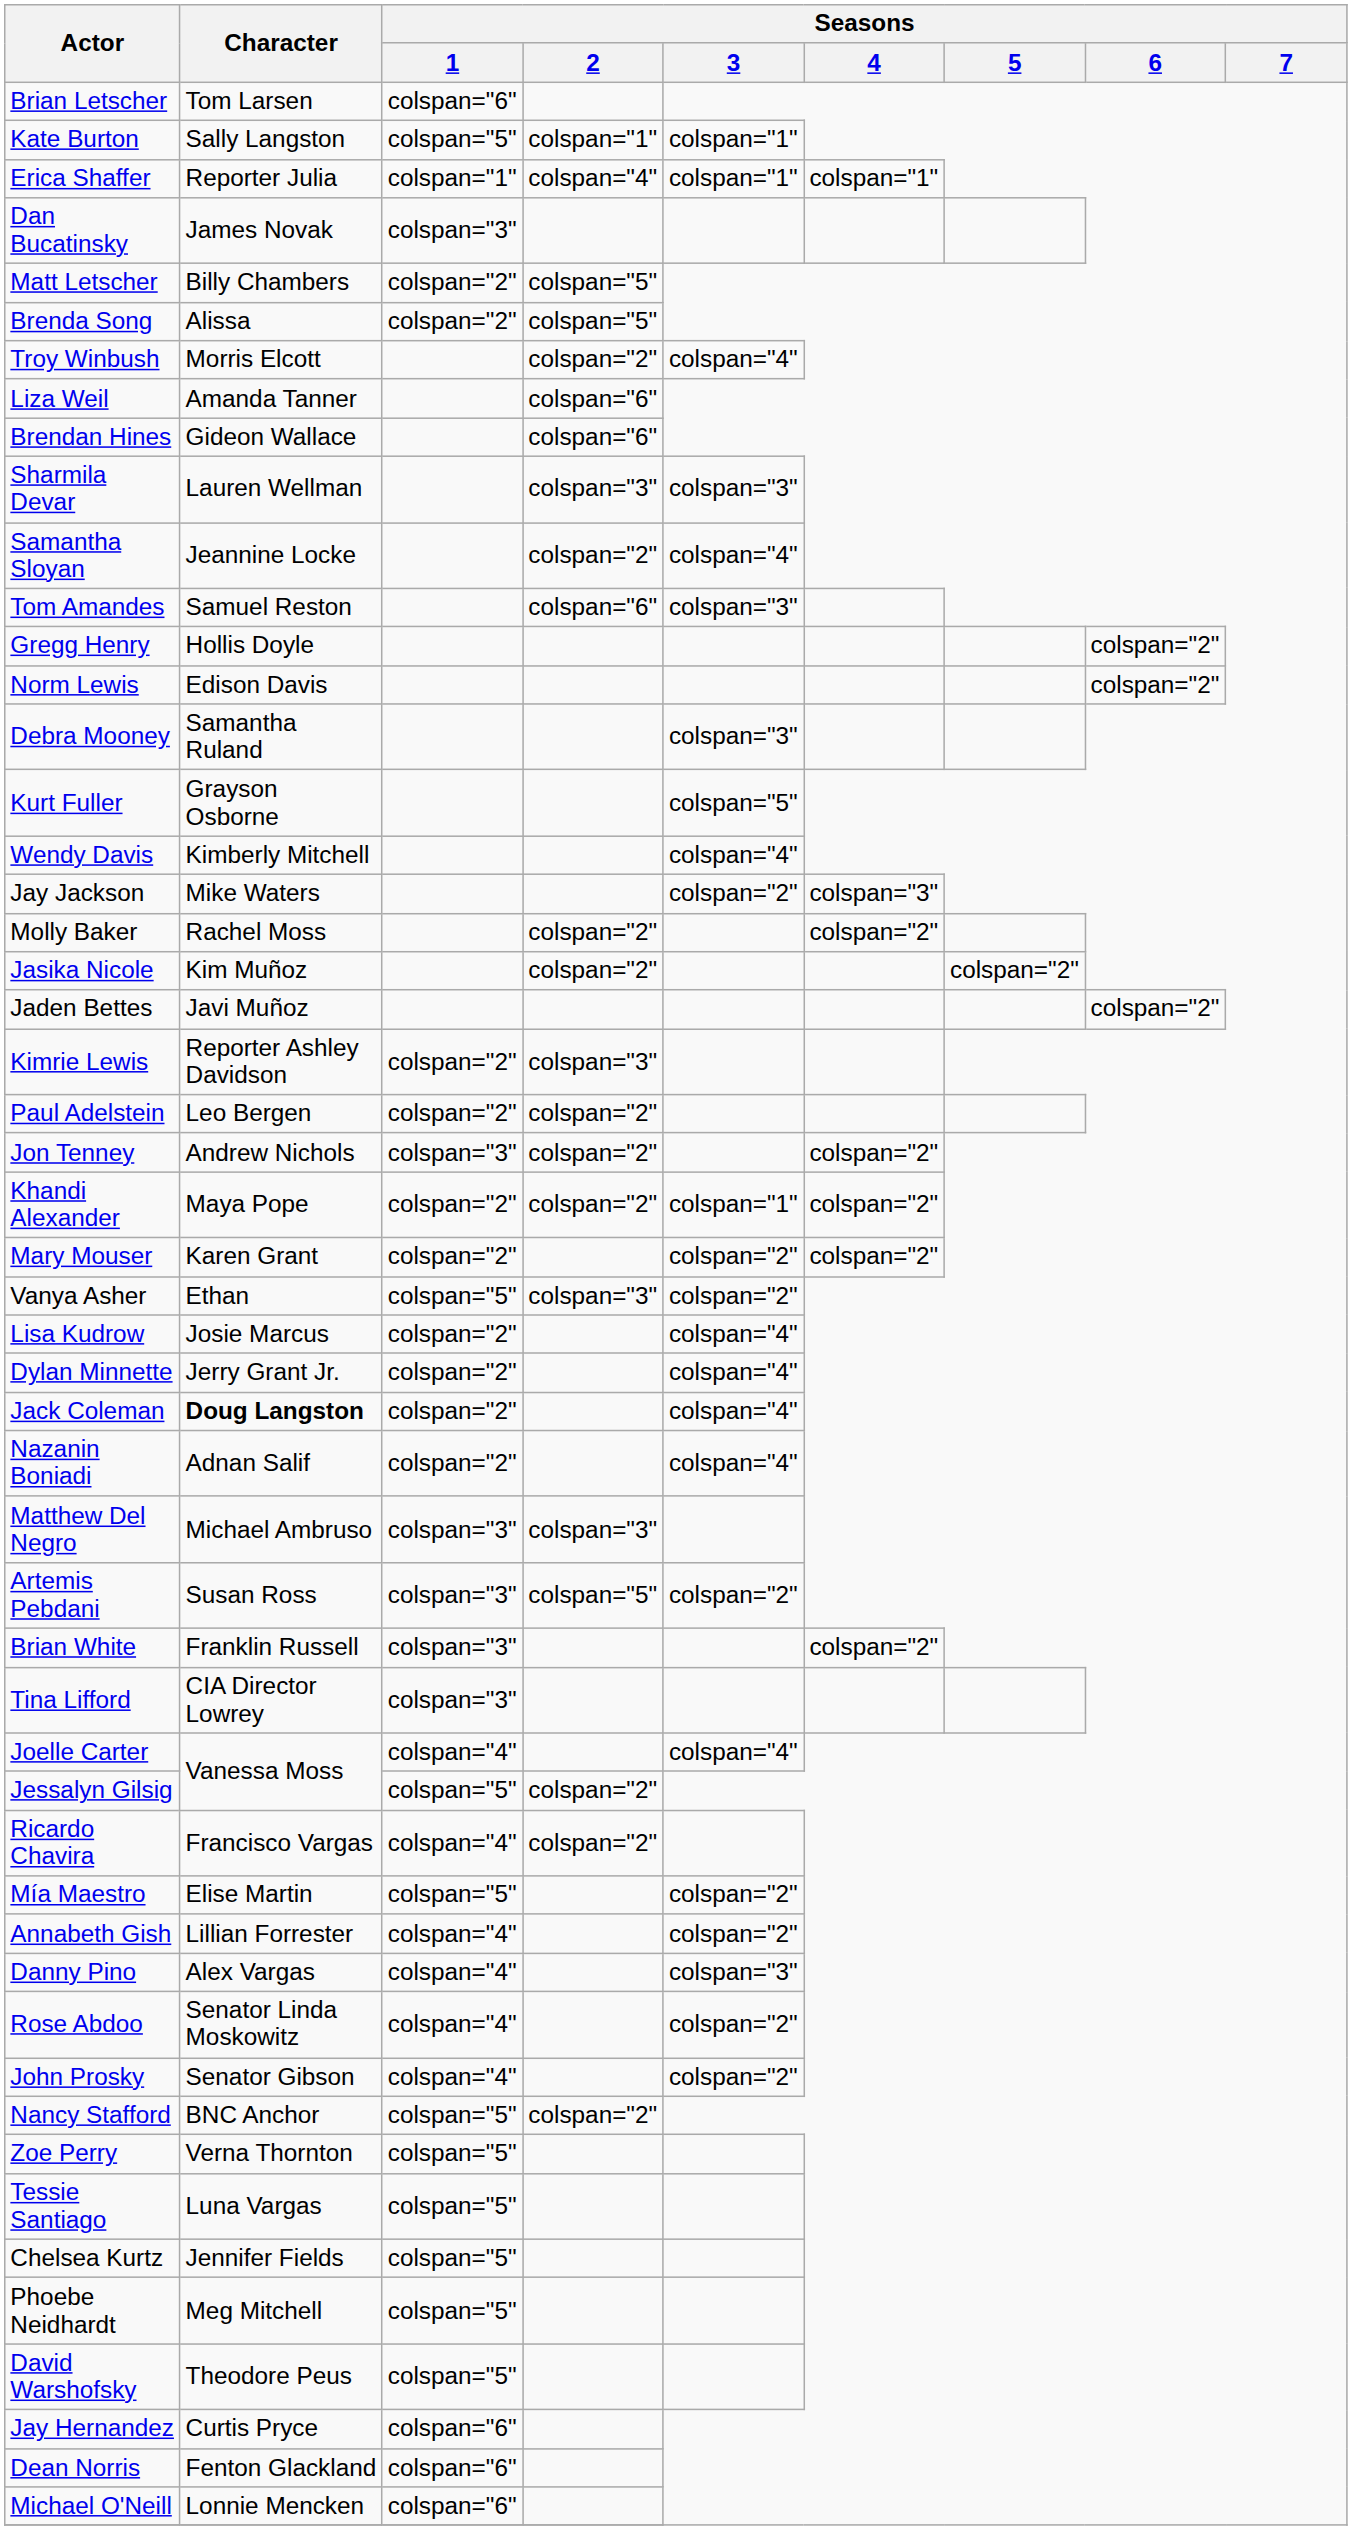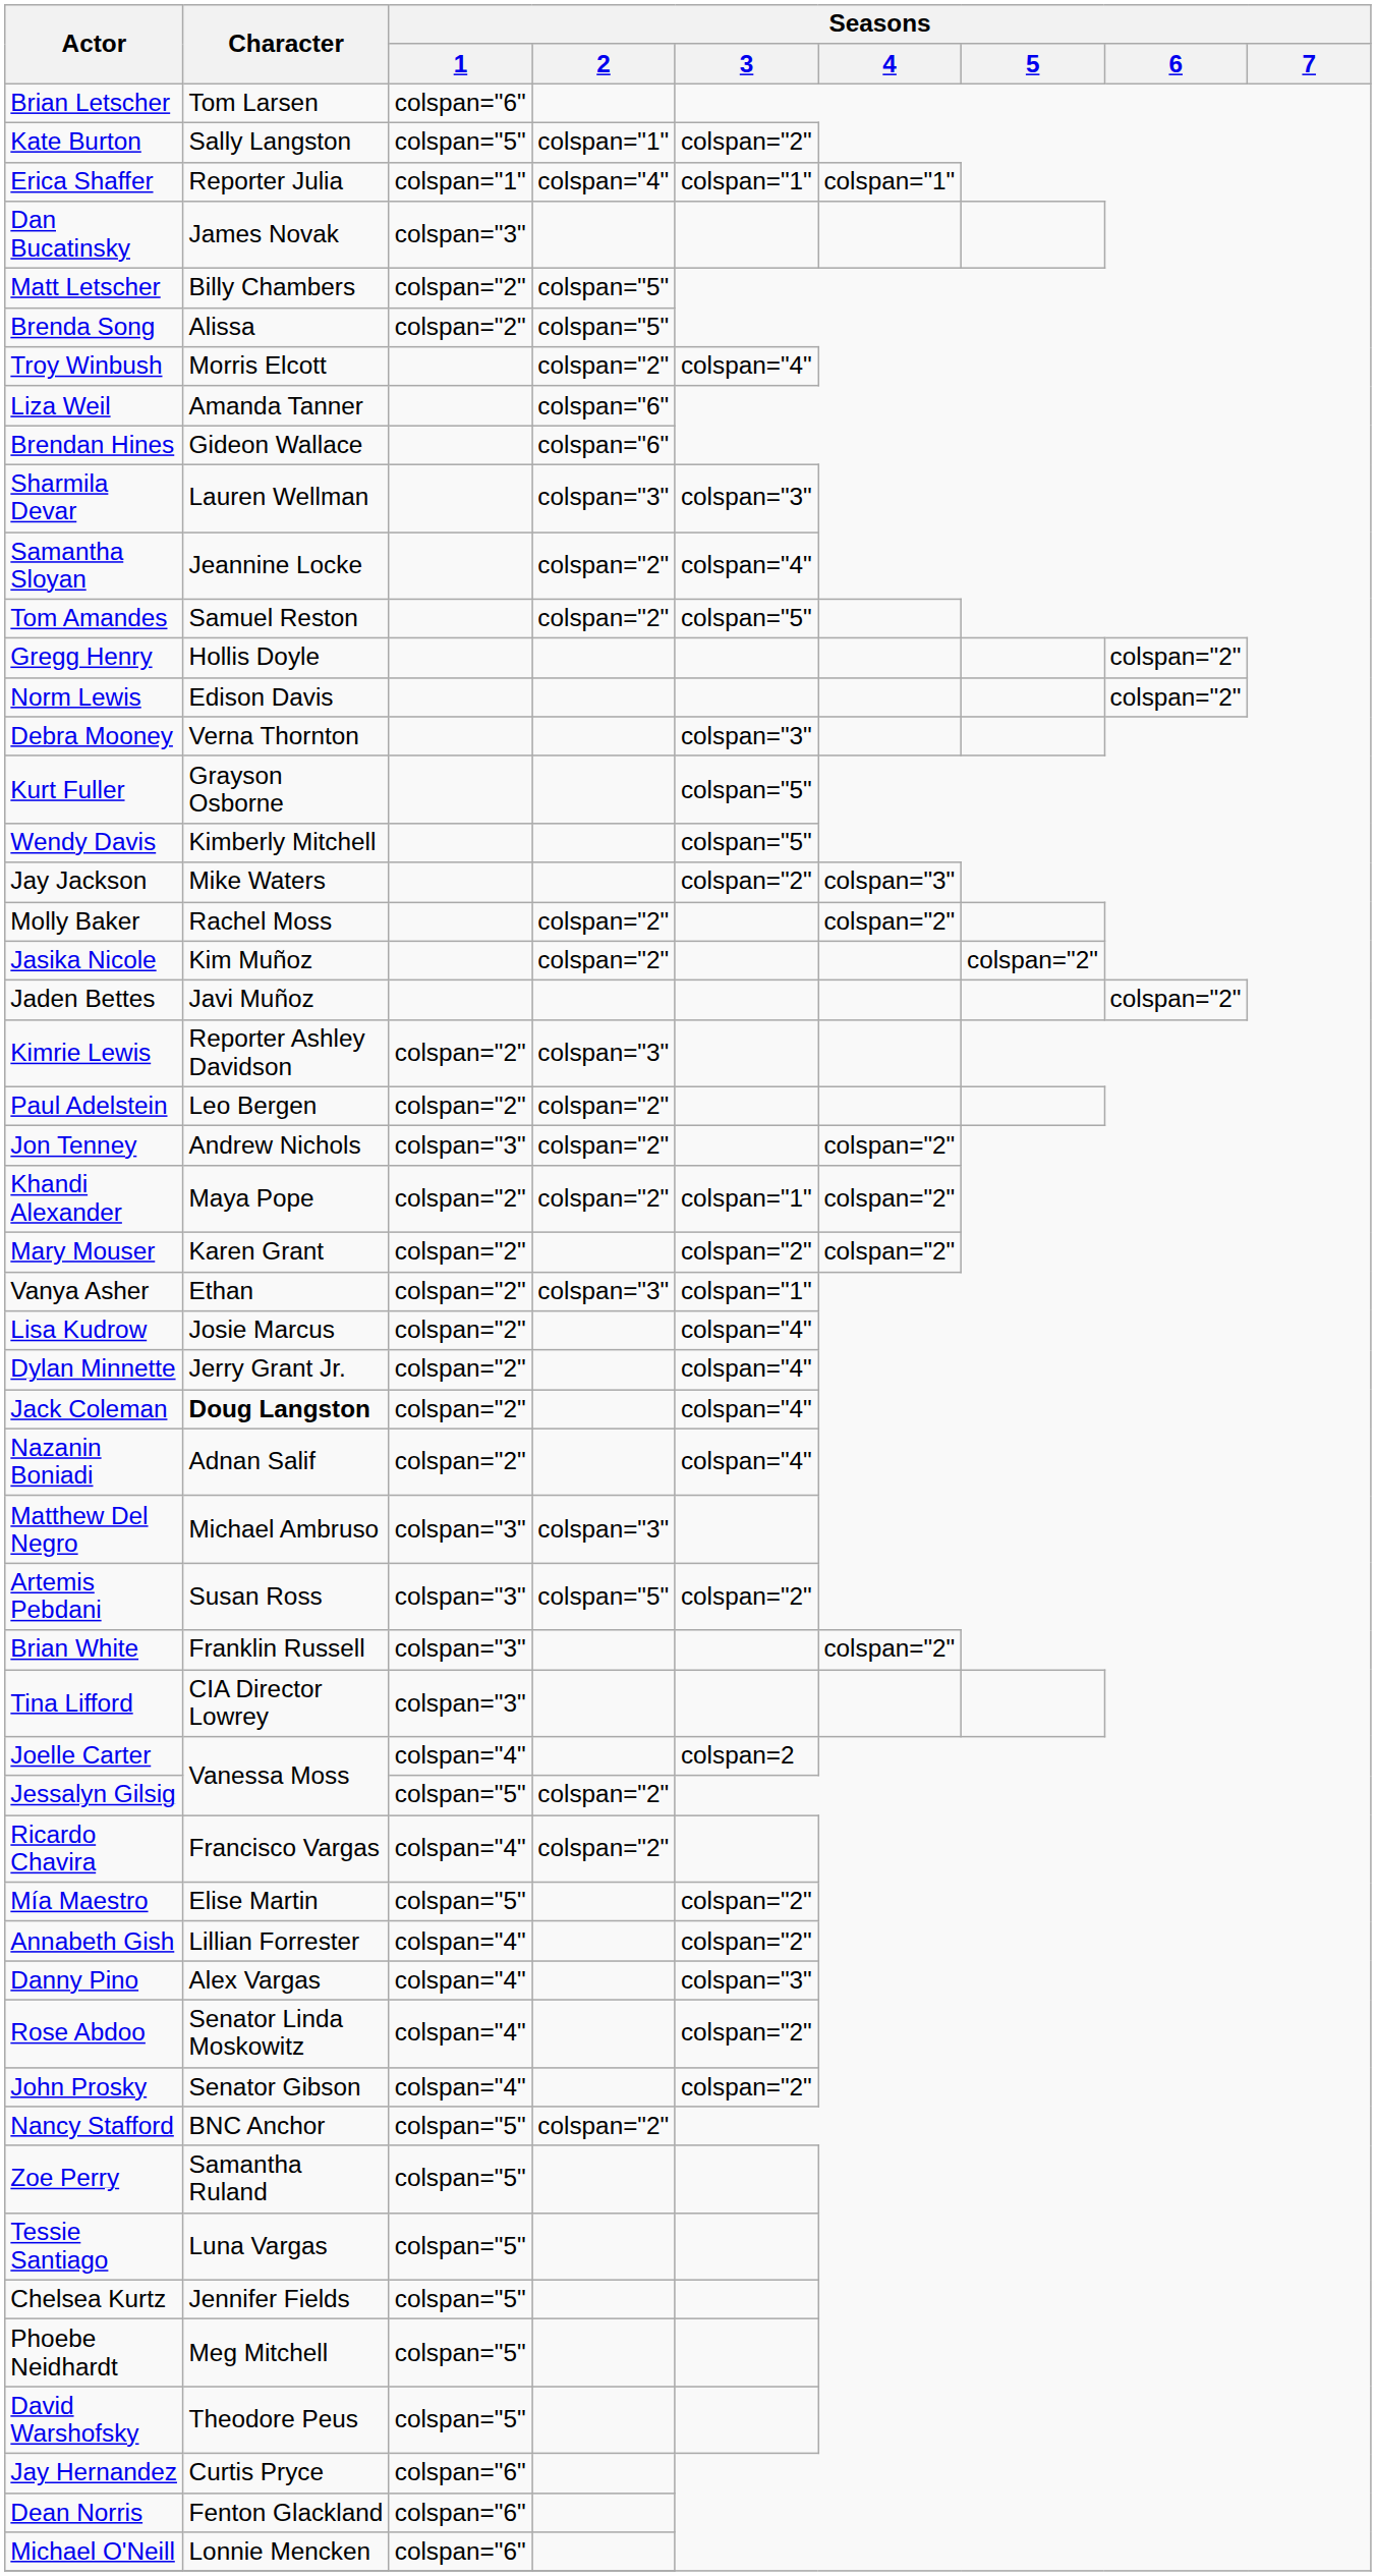 <table class="wikitable mw-collapsible" width="100%">
 <tr>
 <th rowspan="2" width="13%">Actor</th>
 <th rowspan="2" width="15%">Character</th>
 <th colspan="7">Seasons</th>
 </tr>
 <tr>
 <th width="9%" scope="col"><a href='#'>1</a></th>
 <th width="9%" scope="col"><a href='#'>2</a></th>
 <th width="9%" scope="col"><a href='#'>3</a></th>
 <th width="9%" scope="col"><a href='#'>4</a></th>
 <th width="9%" scope="col"><a href='#'>5</a></th>
 <th width="9%" scope="col"><a href='#'>6</a></th>
 <th width="9%" scope="col"><a href='#'>7</a></th>
 </tr>
 <tr>
 <td><a href='#'>Brian Letscher</a></td>
 <td>Tom Larsen</td>
 <td>colspan="6" </td>
 <td></td>
 </tr>
 <tr>
 <td><a href='#'>Kate Burton</a></td>
 <td>Sally Langston</td>
 <td>colspan="5" </td>
 <td>colspan="1" </td>
-<td>colspan="1" </td>
+<td>colspan="2" </td>
 </tr>
 <tr>
 <td><a href='#'>Erica Shaffer </a></td>
 <td>Reporter Julia</td>
 <td>colspan="1" </td>
 <td>colspan="4" </td>
 <td>colspan="1" </td>
 <td>colspan="1" </td>
 </tr>
 <tr>
 <td><a href='#'>Dan Bucatinsky</a></td>
 <td>James Novak</td>
 <td>colspan="3" </td>
 <td></td>
 <td></td>
 <td></td>
 <td></td>
 </tr>
 <tr>
 <td><a href='#'>Matt Letscher</a></td>
 <td>Billy Chambers</td>
 <td>colspan="2" </td>
 <td>colspan="5" </td>
 </tr>
 <tr>
 <td><a href='#'>Brenda Song</a></td>
 <td>Alissa</td>
 <td>colspan="2" </td>
 <td>colspan="5" </td>
 </tr>
 <tr>
 <td><a href='#'>Troy Winbush</a></td>
 <td>Morris Elcott</td>
 <td></td>
 <td>colspan="2"  </td>
 <td>colspan="4" </td>
 </tr>
 <tr>
 <td><a href='#'>Liza Weil</a></td>
 <td>Amanda Tanner</td>
 <td></td>
 <td>colspan="6" </td>
 </tr>
 <tr>
 <td><a href='#'>Brendan Hines</a></td>
 <td>Gideon Wallace</td>
 <td></td>
 <td>colspan="6" </td>
 </tr>
 <tr>
 <td><a href='#'>Sharmila Devar</a></td>
 <td>Lauren Wellman</td>
 <td></td>
 <td>colspan="3" </td>
 <td>colspan="3" </td>
 </tr>
 <tr>
 <td><a href='#'>Samantha Sloyan</a></td>
 <td>Jeannine Locke</td>
 <td></td>
 <td>colspan="2" </td>
 <td>colspan="4" </td>
 </tr>
 <tr>
 <td><a href='#'>Tom Amandes</a></td>
 <td>Samuel Reston</td>
 <td></td>
-<td>colspan="6" </td>
-<td>colspan="3" </td>
+<td>colspan="2" </td>
+<td>colspan="5" </td>
 <td></td>
 </tr>
 <tr>
 <td><a href='#'>Gregg Henry</a></td>
 <td>Hollis Doyle</td>
 <td></td>
 <td></td>
 <td></td>
 <td></td>
 <td></td>
 <td>colspan="2" </td>
 </tr>
 <tr>
 <td><a href='#'>Norm Lewis</a></td>
 <td>Edison Davis</td>
 <td></td>
 <td></td>
 <td></td>
 <td></td>
 <td></td>
 <td>colspan="2" </td>
 </tr>
 <tr>
 <td><a href='#'>Debra Mooney</a></td>
-<td>Samantha Ruland</td>
+<td>Verna Thornton</td>
 <td></td>
 <td></td>
 <td>colspan="3" </td>
 <td></td>
 <td></td>
 </tr>
 <tr>
 <td><a href='#'>Kurt Fuller</a></td>
 <td>Grayson Osborne</td>
 <td></td>
 <td></td>
 <td>colspan="5" </td>
 </tr>
 <tr>
 <td><a href='#'>Wendy Davis</a></td>
 <td>Kimberly Mitchell</td>
 <td></td>
 <td></td>
-<td>colspan="4" </td>
+<td>colspan="5" </td>
 </tr>
 <tr>
 <td>Jay Jackson</td>
 <td>Mike Waters</td>
 <td></td>
 <td></td>
 <td>colspan="2" </td>
 <td>colspan="3" </td>
 </tr>
 <tr>
 <td>Molly Baker</td>
 <td>Rachel Moss</td>
 <td></td>
 <td>colspan="2" </td>
 <td></td>
 <td>colspan="2" </td>
 <td></td>
 </tr>
 <tr>
 <td><a href='#'>Jasika Nicole</a></td>
 <td>Kim Muñoz</td>
 <td></td>
 <td>colspan="2" </td>
 <td></td>
 <td></td>
 <td>colspan="2" </td>
 </tr>
 <tr>
 <td>Jaden Bettes</td>
 <td>Javi Muñoz</td>
 <td></td>
 <td></td>
 <td></td>
 <td></td>
 <td></td>
 <td>colspan="2" </td>
 </tr>
 <tr>
 <td><a href='#'>Kimrie Lewis</a></td>
 <td>Reporter Ashley Davidson</td>
 <td>colspan="2" </td>
 <td>colspan="3" </td>
 <td></td>
 <td></td>
 </tr>
 <tr>
 <td><a href='#'>Paul Adelstein</a></td>
 <td>Leo Bergen</td>
 <td>colspan="2" </td>
 <td>colspan="2" </td>
 <td></td>
 <td></td>
 <td></td>
 </tr>
 <tr>
 <td><a href='#'>Jon Tenney</a></td>
 <td>Andrew Nichols</td>
 <td>colspan="3" </td>
 <td>colspan="2" </td>
 <td></td>
 <td>colspan="2" </td>
 </tr>
 <tr>
 <td><a href='#'>Khandi Alexander</a></td>
 <td>Maya Pope</td>
 <td>colspan="2" </td>
 <td>colspan="2" </td>
 <td>colspan="1" </td>
 <td>colspan="2" </td>
 </tr>
 <tr>
 <td><a href='#'>Mary Mouser</a></td>
 <td>Karen Grant</td>
 <td>colspan="2" </td>
 <td></td>
 <td>colspan="2" </td>
 <td>colspan="2" </td>
 </tr>
 <tr>
 <td>Vanya Asher</td>
 <td>Ethan</td>
-<td>colspan="5" </td>
+<td>colspan="2" </td>
 <td>colspan="3"</td>
-<td>colspan="2" </td>
+<td>colspan="1" </td>
 </tr>
 <tr>
 <td><a href='#'>Lisa Kudrow</a></td>
 <td>Josie Marcus</td>
 <td>colspan="2" </td>
 <td></td>
 <td>colspan="4" </td>
 </tr>
 <tr>
 <td><a href='#'>Dylan Minnette</a></td>
 <td>Jerry Grant Jr.</td>
 <td>colspan="2" </td>
 <td></td>
 <td>colspan="4" </td>
 </tr>
 <tr>
 <td><a href='#'>Jack Coleman</a></td>
 <td><strong>Doug Langston</strong></td>
 <td>colspan="2" </td>
 <td></td>
 <td>colspan="4" </td>
 </tr>
 <tr>
 <td><a href='#'>Nazanin Boniadi</a></td>
 <td>Adnan Salif</td>
 <td>colspan="2" </td>
 <td></td>
 <td>colspan="4" </td>
 </tr>
 <tr>
 <td><a href='#'>Matthew Del Negro</a></td>
 <td>Michael Ambruso</td>
 <td>colspan="3" </td>
 <td>colspan="3" </td>
 <td></td>
 </tr>
 <tr>
 <td><a href='#'>Artemis Pebdani</a></td>
 <td>Susan Ross</td>
 <td>colspan="3" </td>
 <td>colspan="5" </td>
 <td>colspan="2" </td>
 </tr>
 <tr>
 <td><a href='#'>Brian White</a></td>
 <td>Franklin Russell</td>
 <td>colspan="3" </td>
 <td></td>
 <td></td>
 <td>colspan="2" </td>
 </tr>
 <tr>
 <td><a href='#'>Tina Lifford</a></td>
 <td>CIA Director Lowrey</td>
 <td>colspan="3" </td>
 <td></td>
 <td></td>
 <td></td>
 <td></td>
 </tr>
 <tr>
 <td><a href='#'>Joelle Carter</a></td>
 <td rowspan="2">Vanessa Moss</td>
 <td>colspan="4" </td>
 <td></td>
-<td>colspan="4" </td>
+<td>colspan=2 </td>
 </tr>
 <tr>
 <td><a href='#'>Jessalyn Gilsig</a></td>
 <td>colspan="5" </td>
 <td>colspan="2" </td>
 </tr>
 <tr>
 <td><a href='#'>Ricardo Chavira</a></td>
 <td>Francisco Vargas</td>
 <td>colspan="4" </td>
 <td>colspan="2" </td>
 <td></td>
 </tr>
 <tr>
 <td><a href='#'>Mía Maestro</a></td>
 <td>Elise Martin</td>
 <td>colspan="5" </td>
 <td></td>
 <td>colspan="2" </td>
 </tr>
 <tr>
 <td><a href='#'>Annabeth Gish</a></td>
 <td>Lillian Forrester</td>
 <td>colspan="4" </td>
 <td></td>
 <td>colspan="2" </td>
 </tr>
 <tr>
 <td><a href='#'>Danny Pino</a></td>
 <td>Alex Vargas</td>
 <td>colspan="4" </td>
 <td></td>
 <td>colspan="3" </td>
 </tr>
 <tr>
 <td><a href='#'>Rose Abdoo</a></td>
 <td>Senator Linda Moskowitz</td>
 <td>colspan="4" </td>
 <td></td>
 <td>colspan="2" </td>
 </tr>
 <tr>
 <td><a href='#'>John Prosky</a></td>
 <td>Senator Gibson</td>
 <td>colspan="4" </td>
 <td></td>
 <td>colspan="2" </td>
 </tr>
 <tr>
 <td><a href='#'>Nancy Stafford</a></td>
 <td>BNC Anchor</td>
 <td>colspan="5" </td>
 <td>colspan="2" </td>
 </tr>
 <tr>
 <td><a href='#'>Zoe Perry</a></td>
-<td>Verna Thornton</td>
+<td>Samantha Ruland</td>
 <td>colspan="5" </td>
 <td></td>
 <td></td>
 </tr>
 <tr>
 <td><a href='#'>Tessie Santiago</a></td>
 <td>Luna Vargas</td>
 <td>colspan="5" </td>
 <td></td>
 <td></td>
 </tr>
 <tr>
 <td>Chelsea Kurtz</td>
 <td>Jennifer Fields</td>
 <td>colspan="5" </td>
 <td></td>
 <td></td>
 </tr>
 <tr>
 <td>Phoebe Neidhardt</td>
 <td>Meg Mitchell</td>
 <td>colspan="5" </td>
 <td></td>
 <td></td>
 </tr>
 <tr>
 <td><a href='#'>David Warshofsky</a></td>
 <td>Theodore Peus</td>
 <td>colspan="5" </td>
 <td></td>
 <td></td>
 </tr>
 <tr>
 <td><a href='#'>Jay Hernandez</a></td>
 <td>Curtis Pryce</td>
 <td>colspan="6" </td>
 <td></td>
 </tr>
 <tr>
 <td><a href='#'>Dean Norris</a></td>
 <td>Fenton Glackland</td>
 <td>colspan="6" </td>
 <td></td>
 </tr>
 <tr>
 <td><a href='#'>Michael O'Neill</a></td>
 <td>Lonnie Mencken</td>
 <td>colspan="6" </td>
 <td></td>
 </tr>
 <tr>
 </tr>
 </table>
